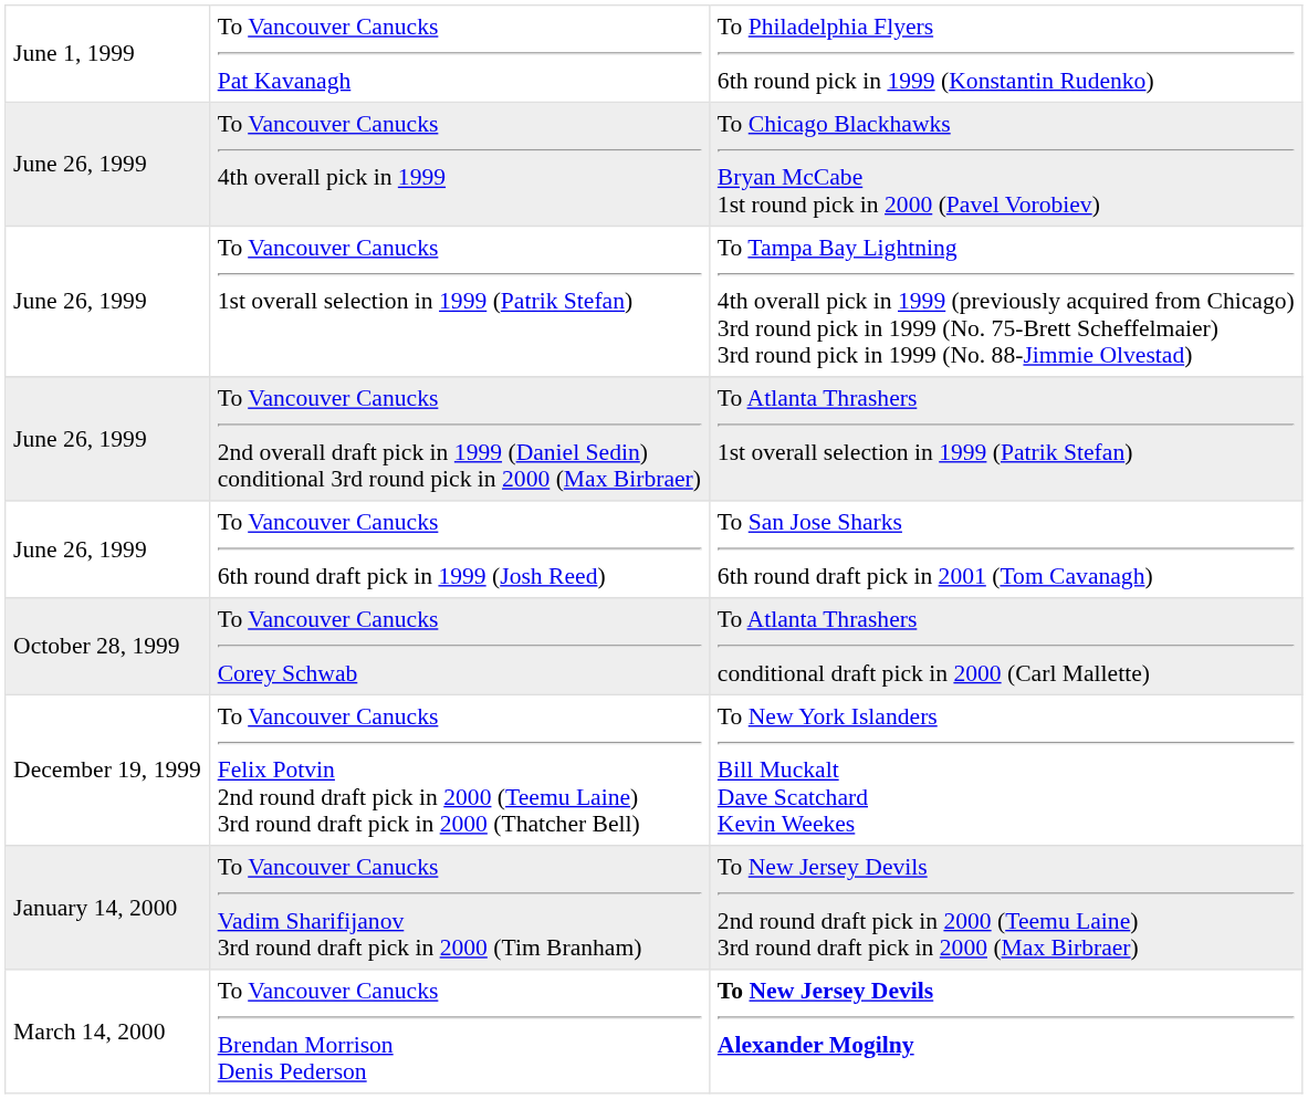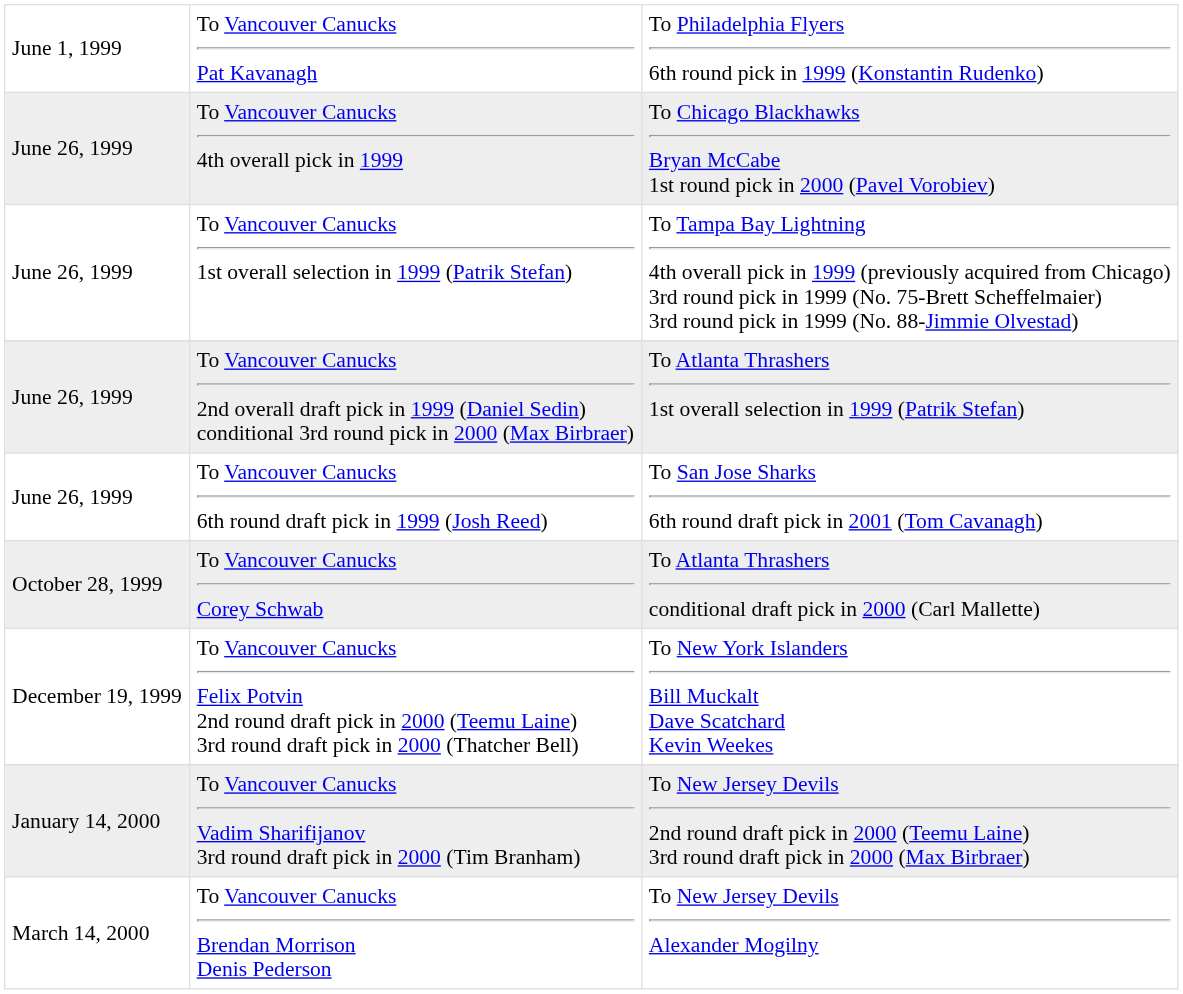 <table border=1 style="border-collapse:collapse" bordercolor="#DFDFDF"  cellpadding="5">
 <tr>
 <td>June 1, 1999</td>
 <td valign="top">To <a href='#'>Vancouver Canucks</a> <hr> <a href='#'>Pat Kavanagh</a></td>
 <td valign="top">To <a href='#'>Philadelphia Flyers</a> <hr> 6th round pick in <a href='#'>1999</a> (<a href='#'>Konstantin Rudenko</a>)</td>
 </tr>
 <tr |- bgcolor="#eeeeee">
 <td>June 26, 1999</td>
 <td valign="top">To <a href='#'>Vancouver Canucks</a> <hr> 4th overall pick in <a href='#'>1999</a></td>
 <td valign="top">To <a href='#'>Chicago Blackhawks</a> <hr> <a href='#'>Bryan McCabe</a><br>1st round pick in <a href='#'>2000</a> (<a href='#'>Pavel Vorobiev</a>)</td>
 </tr>
 <tr>
 <td>June 26, 1999</td>
 <td valign="top">To <a href='#'>Vancouver Canucks</a> <hr> 1st overall selection in <a href='#'>1999</a> (<a href='#'>Patrik Stefan</a>)</td>
 <td valign="top">To <a href='#'>Tampa Bay Lightning</a> <hr> 4th overall pick in <a href='#'>1999</a> (previously acquired from Chicago)<br>3rd round pick in 1999 (No. 75-Brett Scheffelmaier)<br>3rd round pick in 1999 (No. 88-<a href='#'>Jimmie Olvestad</a>)</td>
 </tr>
 <tr>
 </tr>
 <tr bgcolor="#eeeeee">
 <td>June 26, 1999</td>
 <td valign="top">To  <a href='#'>Vancouver Canucks</a> <hr> 2nd overall draft pick in <a href='#'>1999</a> (<a href='#'>Daniel Sedin</a>)<br>conditional 3rd round pick in <a href='#'>2000</a> (<a href='#'>Max Birbraer</a>)</td>
 <td valign="top">To  <a href='#'>Atlanta Thrashers</a> <hr> 1st overall selection in <a href='#'>1999</a> (<a href='#'>Patrik Stefan</a>)</td>
 </tr>
 <tr>
 <td>June 26, 1999</td>
 <td valign="top">To <a href='#'>Vancouver Canucks</a> <hr> 6th round draft pick in <a href='#'>1999</a> (<a href='#'>Josh Reed</a>)</td>
 <td valign="top">To <a href='#'>San Jose Sharks</a> <hr> 6th round draft pick in <a href='#'>2001</a> (<a href='#'>Tom Cavanagh</a>)</td>
 </tr>
 <tr>
 </tr>
 <tr bgcolor="#eeeeee">
 <td>October 28, 1999</td>
 <td valign="top">To  <a href='#'>Vancouver Canucks</a> <hr> <a href='#'>Corey Schwab</a></td>
 <td valign="top">To  <a href='#'>Atlanta Thrashers</a> <hr> conditional draft pick in <a href='#'>2000</a> (Carl Mallette)</td>
 </tr>
 <tr>
 <td>December 19, 1999</td>
 <td valign="top">To <a href='#'>Vancouver Canucks</a> <hr> <a href='#'>Felix Potvin</a><br>2nd round draft pick in <a href='#'>2000</a> (<a href='#'>Teemu Laine</a>)<br>3rd round draft pick in <a href='#'>2000</a> (Thatcher Bell)</td>
 <td valign="top">To <a href='#'>New York Islanders</a> <hr> <a href='#'>Bill Muckalt</a><br><a href='#'>Dave Scatchard</a><br><a href='#'>Kevin Weekes</a></td>
 </tr>
 <tr>
 </tr>
 <tr bgcolor="#eeeeee">
 <td>January 14, 2000</td>
 <td valign="top">To <a href='#'>Vancouver Canucks</a> <hr> <a href='#'>Vadim Sharifijanov</a><br>3rd round draft pick in <a href='#'>2000</a> (Tim Branham)</td>
 <td valign="top">To <a href='#'>New Jersey Devils</a> <hr> 2nd round draft pick in <a href='#'>2000</a> (<a href='#'>Teemu Laine</a>)<br>3rd round draft pick in <a href='#'>2000</a> (<a href='#'>Max Birbraer</a>)</td>
 </tr>
 <tr>
 <td>March 14, 2000</td>
 <td valign="top">To <a href='#'>Vancouver Canucks</a> <hr> <a href='#'>Brendan Morrison</a><br><a href='#'>Denis Pederson</a></td>
-<td valign="top"><strong>To <a href='#'>New Jersey Devils</a> <hr> <a href='#'>Alexander Mogilny</a></strong></td>
+<td valign="top">To <a href='#'>New Jersey Devils</a> <hr> <a href='#'>Alexander Mogilny</a></td>
 </tr>
 </table>
